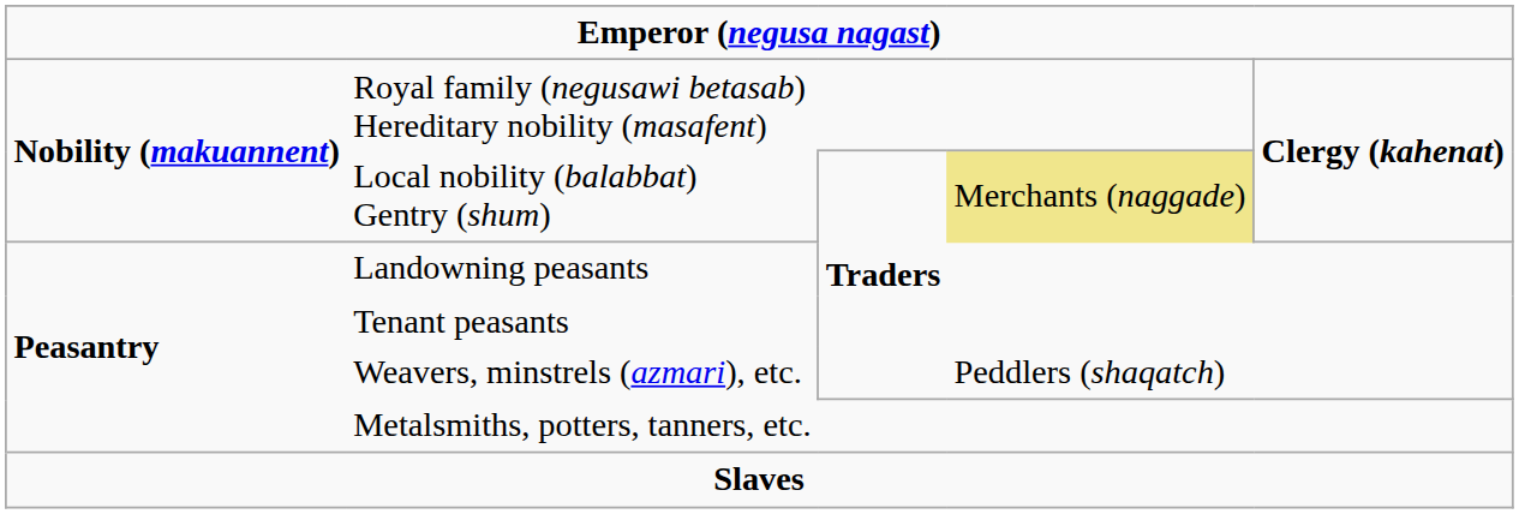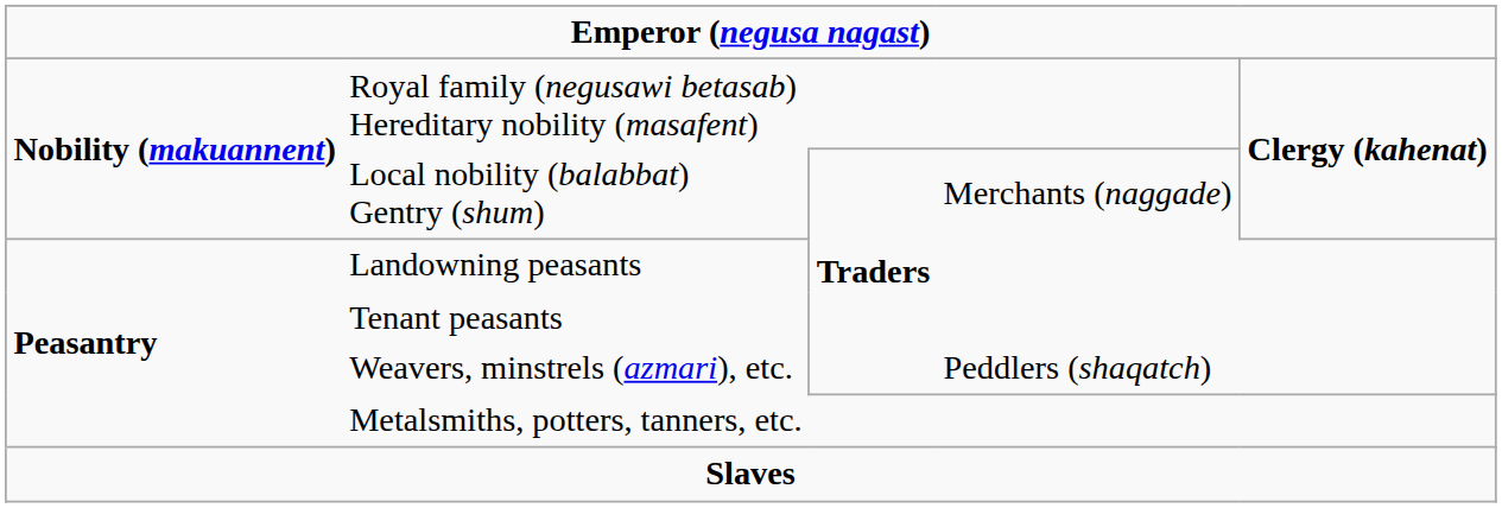 <table class="wikitable">
 <tr>
 <td colspan= "5" style="text-align:center;"><strong>Emperor (<em><a href='#'>negusa nagast</a></em>)</strong></td>
 </tr>
 <tr style="vertical-align:middle;">
 <td rowspan= "2" style="border-style: solid none solid solid;"><strong>Nobility (<em><a href='#'>makuannent</a></em>)</strong></td>
 <td style="border-style: solid none none none;">Royal family (<em>negusawi betasab</em>) <br> Hereditary nobility (<em>masafent</em>)</td>
 <td colspan= "2" style ="border-style: solid solid solid none;"> </td>
 <td rowspan= "2"><strong>Clergy (<em>kahenat</em>)</strong></td>
 </tr>
 <tr>
 <td style="border-style: none solid solid none;">Local nobility (<em>balabbat</em>) <br> Gentry (<em>shum</em>) <br></td>
 <td rowspan= "4" style="border-style: solid none solid solid; vertical-align:middle;"><strong>Traders</strong></td>
-<td style="background: khaki; border-style: solid solid none none;">Merchants (<em>naggade</em>)</td>
+<td style="border-style: solid solid none none;">Merchants (<em>naggade</em>)</td>
 </tr>
 <tr style="vertical-align:middle;">
 <td rowspan= "4" style="border-style: solid none none solid;"><strong>Peasantry</strong></td>
 <td style="border-style: solid solid none none;">Landowning peasants</td>
 <td style ="border-style: none none none none;"> </td>
 </tr>
 <tr>
 <td style ="border-style: none solid none none;">Tenant peasants</td>
 <td style ="border-style: none none none none;"> </td>
 </tr>
 <tr>
 <td style ="border-style: none solid none none;">Weavers, minstrels (<em><a href='#'>azmari</a></em>), etc.</td>
 <td colspan = "2" style ="border-style: none solid solid none;">Peddlers (<em>shaqatch</em>)</td>
 </tr>
 <tr>
 <td style ="border-style: none none solid none;">Metalsmiths, potters, tanners, etc.</td>
 </tr>
 <tr>
 <td colspan = "5" style="text-align:center;"><strong>Slaves</strong></td>
 </tr>
 </table>
